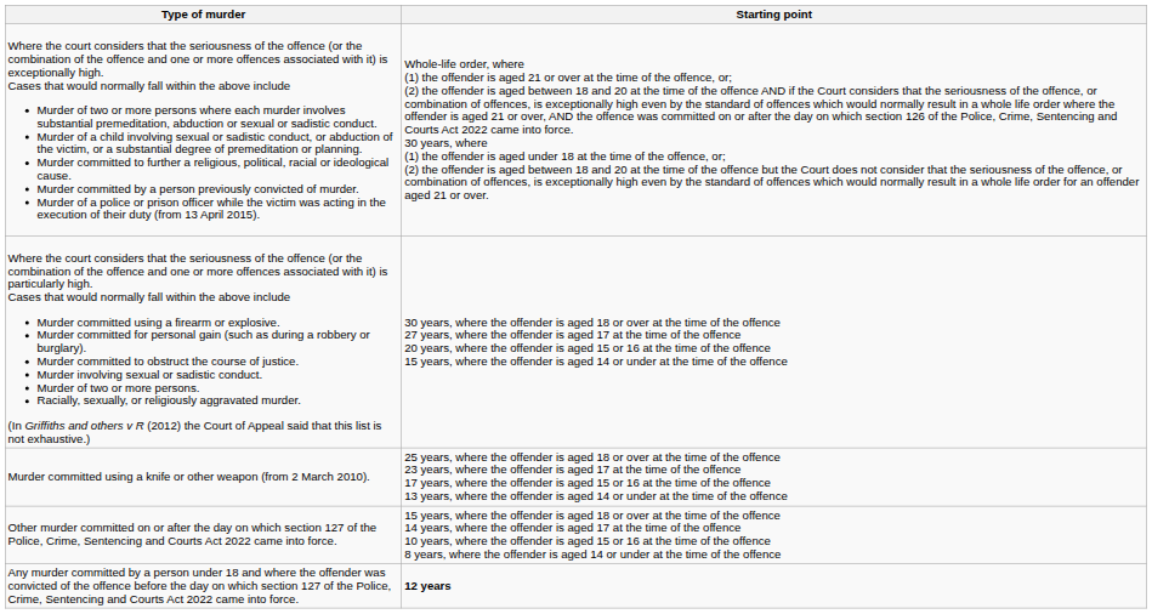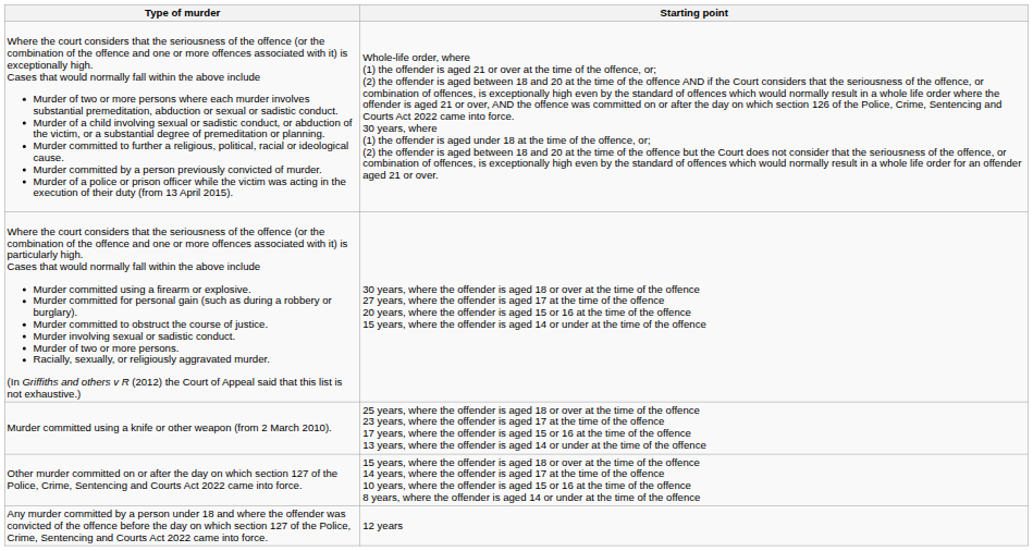 <table class="wikitable">
 <tr>
 <th>Type of murder</th>
 <th>Starting point</th>
 </tr>
 <tr>
 <td><br>Where the court considers that the seriousness of the offence (or the combination of the offence and one or more offences associated with it) is exceptionally high.<br>Cases that would normally fall within the above include<ul><li>Murder of two or more persons where each murder involves substantial premeditation, abduction or sexual or sadistic conduct.</li><li>Murder of a child involving sexual or sadistic conduct, or abduction of the victim, or a substantial degree of premeditation or planning.</li><li>Murder committed to further a religious, political, racial or ideological cause.</li><li>Murder committed by a person previously convicted of murder.</li><li>Murder of a police or prison officer while the victim was acting in the execution of their duty (from 13 April 2015).</li></ul></td>
 <td>Whole-life order, where<br>(1) the offender is aged 21 or over at the time of the offence, or;<br>(2) the offender is aged between 18 and 20 at the time of the offence AND if the Court considers that the seriousness of the offence, or combination of offences, is exceptionally high even by the standard of offences which would normally result in a whole life order where the offender is aged 21 or over, AND the offence was committed on or after the day on which section 126 of the Police, Crime, Sentencing and Courts Act 2022 came into force.<br>30 years, where<br>(1) the offender is aged under 18 at the time of the offence, or;<br>(2) the offender is aged between 18 and 20 at the time of the offence but the Court does not consider that the seriousness of the offence, or combination of offences, is exceptionally high even by the standard of offences which would normally result in a whole life order for an offender aged 21 or over.</td>
 </tr>
 <tr>
 <td><br>Where the court considers that the seriousness of the offence (or the combination of the offence and one or more offences associated with it) is particularly high.<br>Cases that would normally fall within the above include<ul><li>Murder committed using a firearm or explosive.</li><li>Murder committed for personal gain (such as during a robbery or burglary).</li><li>Murder committed to obstruct the course of justice.</li><li>Murder involving sexual or sadistic conduct.</li><li>Murder of two or more persons.</li><li>Racially, sexually, or religiously aggravated murder.</li></ul>(In <em>Griffiths and others v R</em> (2012) the Court of Appeal said that this list is not exhaustive.)</td>
 <td>30 years, where the offender is aged 18 or over at the time of the offence<br>27 years, where the offender is aged 17 at the time of the offence<br>20 years, where the offender is aged 15 or 16 at the time of the offence<br>15 years, where the offender is aged 14 or under at the time of the offence</td>
 </tr>
 <tr>
 <td>Murder committed using a knife or other weapon (from 2 March 2010).</td>
 <td>25 years, where the offender is aged 18 or over at the time of the offence<br>23 years, where the offender is aged 17 at the time of the offence<br>17 years, where the offender is aged 15 or 16 at the time of the offence<br>13 years, where the offender is aged 14 or under at the time of the offence</td>
 </tr>
 <tr>
 <td>Other murder committed on or after the day on which section 127 of the Police, Crime, Sentencing and Courts Act 2022 came into force.</td>
 <td>15 years, where the offender is aged 18 or over at the time of the offence<br>14 years, where the offender is aged 17 at the time of the offence<br>10 years, where the offender is aged 15 or 16 at the time of the offence<br>8 years, where the offender is aged 14 or under at the time of the offence</td>
 </tr>
 <tr>
 <td>Any murder committed by a person under 18 and where the offender was convicted of the offence before the day on which section 127 of the Police, Crime, Sentencing and Courts Act 2022 came into force.</td>
-<td><strong>12 years</strong></td>
+<td>12 years</td>
 </tr>
 </table>
